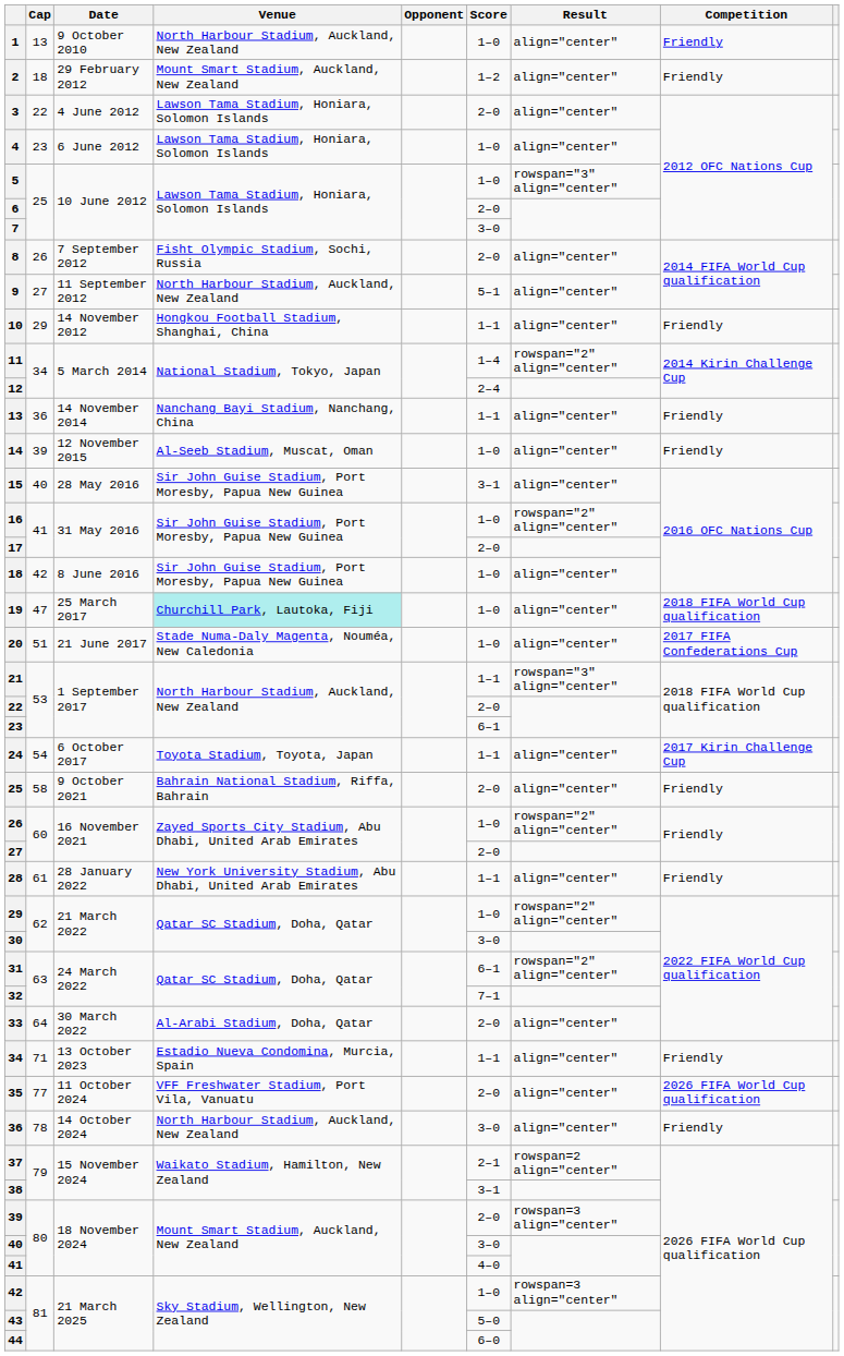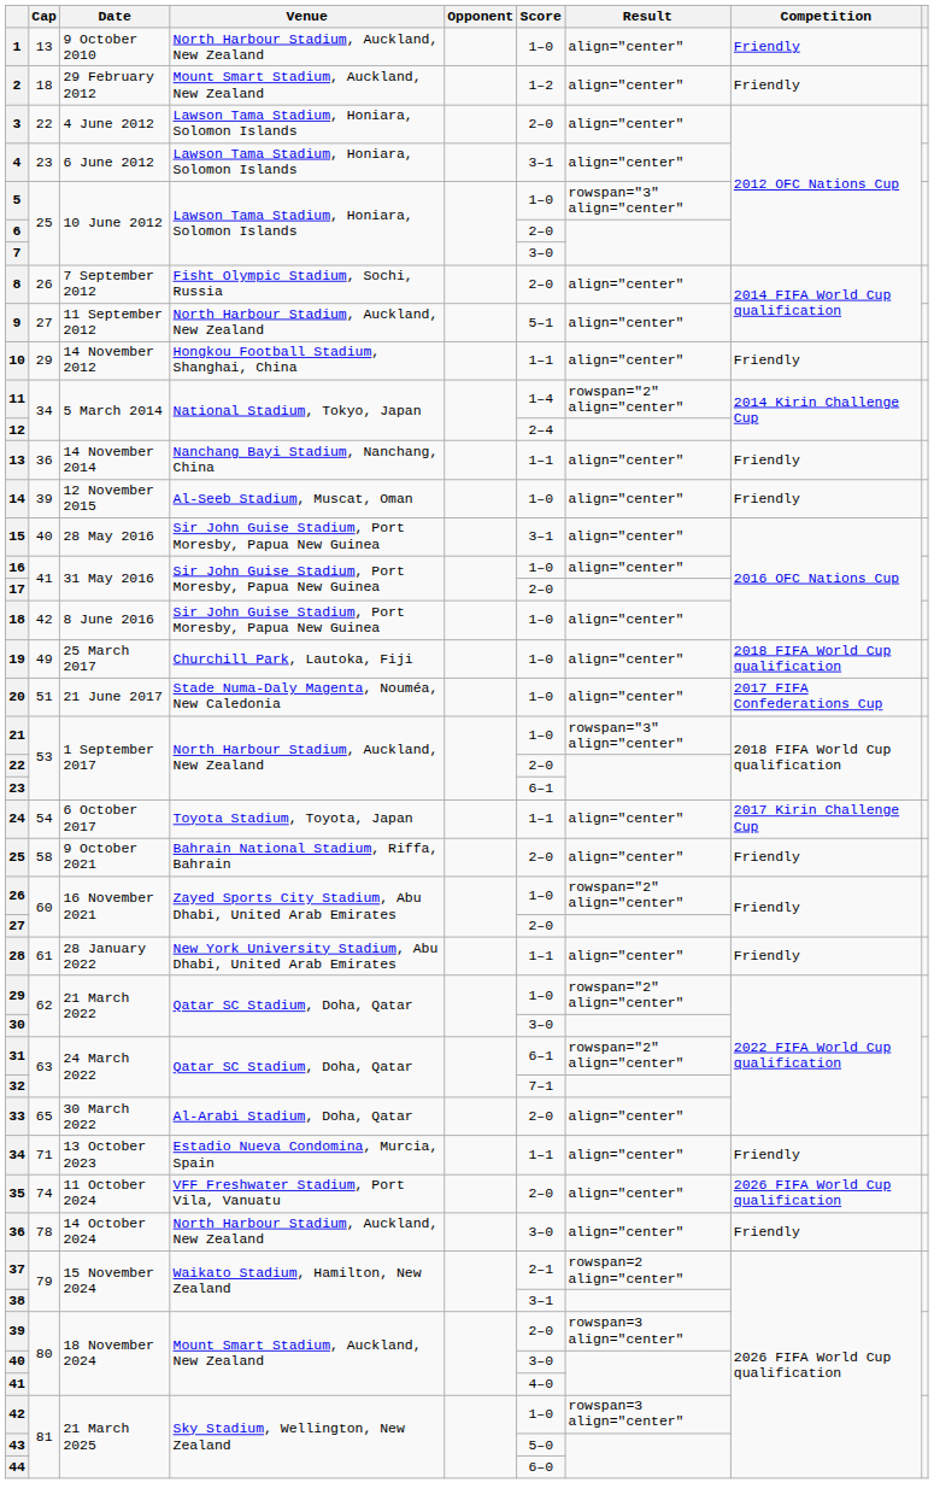 <table class="wikitable sortable">
 <tr>
 <th scope="col"></th>
 <th scope="col">Cap</th>
 <th scope="col">Date</th>
 <th scope="col">Venue</th>
 <th scope="col">Opponent</th>
 <th scope="col">Score</th>
 <th scope="col">Result</th>
 <th scope="col">Competition</th>
 <th scope="col" class="unsortable"></th>
 </tr>
 <tr>
 <th align="center">1</th>
 <td align="center">13</td>
 <td>9 October 2010</td>
 <td><a href='#'>North Harbour Stadium</a>, Auckland, New Zealand</td>
 <td></td>
 <td align="center">1–0</td>
 <td>align="center" </td>
 <td><a href='#'>Friendly</a></td>
 <td align="center"></td>
 </tr>
 <tr>
 <th align="center">2</th>
 <td align="center">18</td>
 <td>29 February 2012</td>
 <td><a href='#'>Mount Smart Stadium</a>, Auckland, New Zealand</td>
 <td></td>
 <td align="center">1–2</td>
 <td>align="center" </td>
 <td>Friendly</td>
 <td align="center"></td>
 </tr>
 <tr>
 <th align="center">3</th>
 <td align="center">22</td>
 <td>4 June 2012</td>
 <td><a href='#'>Lawson Tama Stadium</a>, Honiara, Solomon Islands</td>
 <td></td>
 <td align="center">2–0</td>
 <td>align="center" </td>
 <td rowspan=5><a href='#'>2012 OFC Nations Cup</a></td>
 <td align="center"></td>
 </tr>
 <tr>
 <th align="center">4</th>
 <td align="center">23</td>
 <td>6 June 2012</td>
 <td><a href='#'>Lawson Tama Stadium</a>, Honiara, Solomon Islands</td>
 <td></td>
-<td align="center">1–0</td>
+<td align=center>3–1</td>
 <td>align="center" </td>
 <td align="center"></td>
 </tr>
 <tr>
 <th align="center">5</th>
 <td rowspan=3 align="center">25</td>
 <td rowspan="3">10 June 2012</td>
 <td rowspan="3"><a href='#'>Lawson Tama Stadium</a>, Honiara, Solomon Islands</td>
 <td rowspan="3"></td>
 <td align="center">1–0</td>
 <td>rowspan="3" align="center" </td>
 <td rowspan="3" align="center"></td>
 </tr>
 <tr>
 <th align="center">6</th>
 <td align="center">2–0</td>
 </tr>
 <tr>
 <th align="center">7</th>
 <td align="center">3–0</td>
 </tr>
 <tr>
 <th align="center">8</th>
 <td align="center">26</td>
 <td>7 September 2012</td>
 <td><a href='#'>Fisht Olympic Stadium</a>, Sochi, Russia</td>
 <td></td>
 <td align="center">2–0</td>
 <td>align="center" </td>
 <td rowspan=2><a href='#'>2014 FIFA World Cup qualification</a></td>
 <td align="center"></td>
 </tr>
 <tr>
 <th align="center">9</th>
 <td align="center">27</td>
 <td>11 September 2012</td>
 <td><a href='#'>North Harbour Stadium</a>, Auckland, New Zealand</td>
 <td></td>
 <td align="center">5–1</td>
 <td>align="center" </td>
 <td align="center"></td>
 </tr>
 <tr>
 <th align="center">10</th>
 <td align="center">29</td>
 <td>14 November 2012</td>
 <td><a href='#'>Hongkou Football Stadium</a>, Shanghai, China</td>
 <td></td>
 <td align="center">1–1</td>
 <td>align="center" </td>
 <td>Friendly</td>
 <td align="center"></td>
 </tr>
 <tr>
 <th align="center">11</th>
 <td rowspan="2" align="center">34</td>
 <td rowspan="2">5 March 2014</td>
 <td rowspan="2"><a href='#'>National Stadium</a>, Tokyo, Japan</td>
 <td rowspan="2"></td>
 <td align="center">1–4</td>
 <td>rowspan="2" align="center" </td>
 <td rowspan="2"><a href='#'>2014 Kirin Challenge Cup</a></td>
 <td rowspan="2" align="center"></td>
 </tr>
 <tr>
 <th align="center">12</th>
 <td align="center">2–4</td>
 </tr>
 <tr>
 <th align="center">13</th>
 <td align="center">36</td>
 <td>14 November 2014</td>
 <td><a href='#'>Nanchang Bayi Stadium</a>, Nanchang, China</td>
 <td></td>
 <td align="center">1–1</td>
 <td>align="center" </td>
 <td>Friendly</td>
 <td align="center"></td>
 </tr>
 <tr>
 <th align="center">14</th>
 <td align="center">39</td>
 <td>12 November 2015</td>
 <td><a href='#'>Al-Seeb Stadium</a>, Muscat, Oman</td>
 <td></td>
 <td align="center">1–0</td>
 <td>align="center" </td>
 <td>Friendly</td>
 <td align="center"></td>
 </tr>
 <tr>
 <th align="center">15</th>
 <td align="center">40</td>
 <td>28 May 2016</td>
 <td><a href='#'>Sir John Guise Stadium</a>, Port Moresby, Papua New Guinea</td>
 <td></td>
 <td align="center">3–1</td>
 <td>align="center" </td>
 <td rowspan=4><a href='#'>2016 OFC Nations Cup</a></td>
 <td align="center"></td>
 </tr>
 <tr>
 <th align="center">16</th>
 <td rowspan="2" align="center">41</td>
 <td rowspan="2">31 May 2016</td>
 <td rowspan="2"><a href='#'>Sir John Guise Stadium</a>, Port Moresby, Papua New Guinea</td>
 <td rowspan="2"></td>
 <td align="center">1–0</td>
-<td>rowspan="2" align="center" </td>
+<td>align="center" </td>
 <td rowspan="2" align="center"></td>
 </tr>
 <tr>
 <th align="center">17</th>
 <td align="center">2–0</td>
 </tr>
 <tr>
 <th align="center">18</th>
 <td align="center">42</td>
 <td>8 June 2016</td>
 <td><a href='#'>Sir John Guise Stadium</a>, Port Moresby, Papua New Guinea</td>
 <td></td>
 <td align="center">1–0</td>
 <td>align="center" </td>
 <td align="center"></td>
 </tr>
 <tr>
 <th align="center">19</th>
-<td align="center">47</td>
+<td align="center">49</td>
 <td>25 March 2017</td>
-<td style="background: paleturquoise;"><a href='#'>Churchill Park</a>, Lautoka, Fiji</td>
+<td><a href='#'>Churchill Park</a>, Lautoka, Fiji</td>
 <td></td>
 <td align="center">1–0</td>
 <td>align="center" </td>
 <td><a href='#'>2018 FIFA World Cup qualification</a></td>
 <td align="center"></td>
 </tr>
 <tr>
 <th align="center">20</th>
 <td align="center">51</td>
 <td>21 June 2017</td>
 <td><a href='#'>Stade Numa-Daly Magenta</a>, Nouméa, New Caledonia</td>
 <td></td>
 <td align="center">1–0</td>
 <td>align="center" </td>
 <td><a href='#'>2017 FIFA Confederations Cup</a></td>
 <td align="center"></td>
 </tr>
 <tr>
 <th align="center">21</th>
 <td rowspan="3" align="center">53</td>
 <td rowspan="3">1 September 2017</td>
 <td rowspan="3"><a href='#'>North Harbour Stadium</a>, Auckland, New Zealand</td>
 <td rowspan="3"></td>
-<td align="center">1–1</td>
+<td align="center">1–0</td>
 <td>rowspan="3" align="center" </td>
 <td rowspan="3">2018 FIFA World Cup qualification</td>
 <td rowspan="3" align="center"></td>
 </tr>
 <tr>
 <th align="center">22</th>
 <td align="center">2–0</td>
 </tr>
 <tr>
 <th align="center">23</th>
 <td align="center">6–1</td>
 </tr>
 <tr>
 <th align="center">24</th>
 <td align="center">54</td>
 <td>6 October 2017</td>
 <td><a href='#'>Toyota Stadium</a>, Toyota, Japan</td>
 <td></td>
 <td align="center">1–1</td>
 <td>align="center" </td>
 <td><a href='#'>2017 Kirin Challenge Cup</a></td>
 <td align="center"></td>
 </tr>
 <tr>
 <th align="center">25</th>
 <td align="center">58</td>
 <td>9 October 2021</td>
 <td><a href='#'>Bahrain National Stadium</a>, Riffa, Bahrain</td>
 <td></td>
 <td align="center">2–0</td>
 <td>align="center" </td>
 <td>Friendly</td>
 <td align="center"></td>
 </tr>
 <tr>
 <th align="center">26</th>
 <td rowspan="2" align="center">60</td>
 <td rowspan="2">16 November 2021</td>
 <td rowspan="2"><a href='#'>Zayed Sports City Stadium</a>, Abu Dhabi, United Arab Emirates</td>
 <td rowspan="2"></td>
 <td align="center">1–0</td>
 <td>rowspan="2" align="center" </td>
 <td rowspan="2">Friendly</td>
 <td rowspan="2" align="center"></td>
 </tr>
 <tr>
 <th align="center">27</th>
 <td align="center">2–0</td>
 </tr>
 <tr>
 <th align="center">28</th>
 <td align="center">61</td>
 <td>28 January 2022</td>
 <td><a href='#'>New York University Stadium</a>, Abu Dhabi, United Arab Emirates</td>
 <td></td>
 <td align="center">1–1</td>
 <td>align="center" </td>
 <td>Friendly</td>
 <td align="center"></td>
 </tr>
 <tr>
 <th align="center">29</th>
 <td rowspan="2" align="center">62</td>
 <td rowspan="2">21 March 2022</td>
 <td rowspan="2"><a href='#'>Qatar SC Stadium</a>, Doha, Qatar</td>
 <td rowspan="2"></td>
 <td align="center">1–0</td>
 <td>rowspan="2" align="center" </td>
 <td rowspan="5"><a href='#'>2022 FIFA World Cup qualification</a></td>
 <td rowspan="2" align="center"></td>
 </tr>
 <tr>
 <th align="center">30</th>
 <td align="center">3–0</td>
 </tr>
 <tr>
 <th align="center">31</th>
 <td rowspan="2" align="center">63</td>
 <td rowspan="2">24 March 2022</td>
 <td rowspan="2"><a href='#'>Qatar SC Stadium</a>, Doha, Qatar</td>
 <td rowspan="2"></td>
 <td align="center">6–1</td>
 <td>rowspan="2" align="center" </td>
 <td rowspan="2" align="center"></td>
 </tr>
 <tr>
 <th align="center">32</th>
 <td align="center">7–1</td>
 </tr>
 <tr>
 <th align="center">33</th>
-<td align="center">64</td>
+<td align="center">65</td>
 <td>30 March 2022</td>
 <td><a href='#'>Al-Arabi Stadium</a>, Doha, Qatar</td>
 <td></td>
 <td align="center">2–0</td>
 <td>align="center" </td>
 <td align="center"></td>
 </tr>
 <tr>
 <th align="center">34</th>
 <td align="center">71</td>
 <td>13 October 2023</td>
 <td><a href='#'>Estadio Nueva Condomina</a>, Murcia, Spain</td>
 <td></td>
 <td align="center">1–1</td>
 <td>align="center" </td>
 <td>Friendly</td>
 <td align="center"></td>
 </tr>
 <tr>
 <th align="center">35</th>
-<td align="center">77</td>
+<td align="center">74</td>
 <td>11 October 2024</td>
 <td><a href='#'>VFF Freshwater Stadium</a>, Port Vila, Vanuatu</td>
 <td></td>
 <td align="center">2–0</td>
 <td>align="center" </td>
 <td><a href='#'>2026 FIFA World Cup qualification</a></td>
 <td align="center"></td>
 </tr>
 <tr>
 <th align="center">36</th>
 <td align="center">78</td>
 <td>14 October 2024</td>
 <td><a href='#'>North Harbour Stadium</a>, Auckland, New Zealand</td>
 <td></td>
 <td align="center">3–0</td>
 <td>align="center" </td>
 <td>Friendly</td>
 <td></td>
 </tr>
 <tr>
 <th align="center">37</th>
 <td rowspan=2 align="center">79</td>
 <td rowspan=2>15 November 2024</td>
 <td rowspan=2><a href='#'>Waikato Stadium</a>, Hamilton, New Zealand</td>
 <td rowspan=2></td>
 <td align="center">2–1</td>
 <td>rowspan=2 align="center" </td>
 <td rowspan=8>2026 FIFA World Cup qualification</td>
 <td rowspan=2 align="center"></td>
 </tr>
 <tr>
 <th align="center">38</th>
 <td align=center>3–1</td>
 </tr>
 <tr>
 <th align="center">39</th>
 <td rowspan=3 align="center">80</td>
 <td rowspan=3>18 November 2024</td>
 <td rowspan=3><a href='#'>Mount Smart Stadium</a>, Auckland, New Zealand</td>
 <td rowspan=3></td>
 <td align="center">2–0</td>
 <td>rowspan=3 align="center" </td>
 <td rowspan=3 align="center"></td>
 </tr>
 <tr>
 <th align="center">40</th>
 <td align="center">3–0</td>
 </tr>
 <tr>
 <th align=center>41</th>
 <td align="center">4–0</td>
 </tr>
 <tr>
 <th align="center">42</th>
 <td rowspan=3 align="center">81</td>
 <td rowspan=3>21 March 2025</td>
 <td rowspan=3><a href='#'>Sky Stadium</a>, Wellington, New Zealand</td>
 <td rowspan=3></td>
 <td align="center">1–0</td>
 <td>rowspan=3 align="center" </td>
 <td rowspan=3 align="center"></td>
 </tr>
 <tr>
 <th align="center">43</th>
 <td align="center">5–0</td>
 </tr>
 <tr>
 <th align=center>44</th>
 <td align="center">6–0</td>
 </tr>
 </table>
